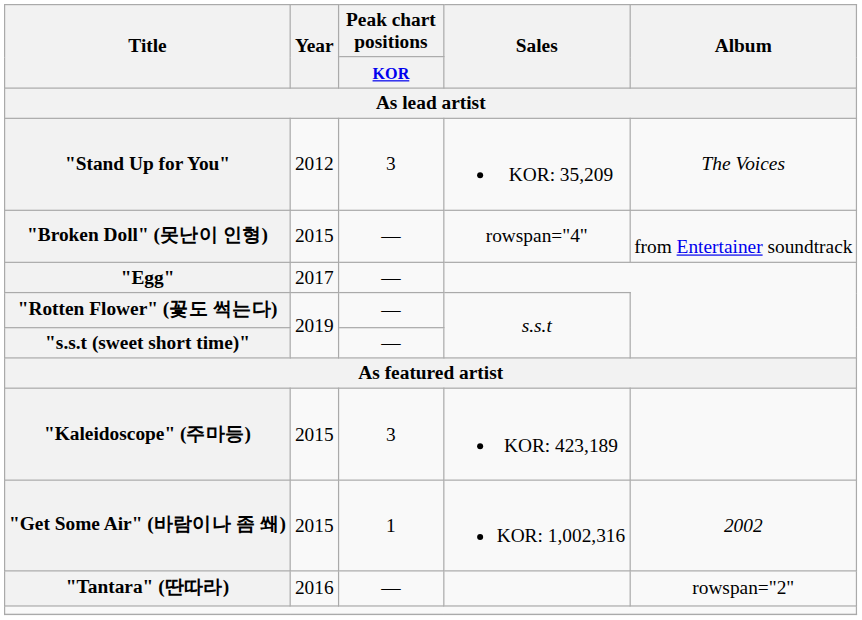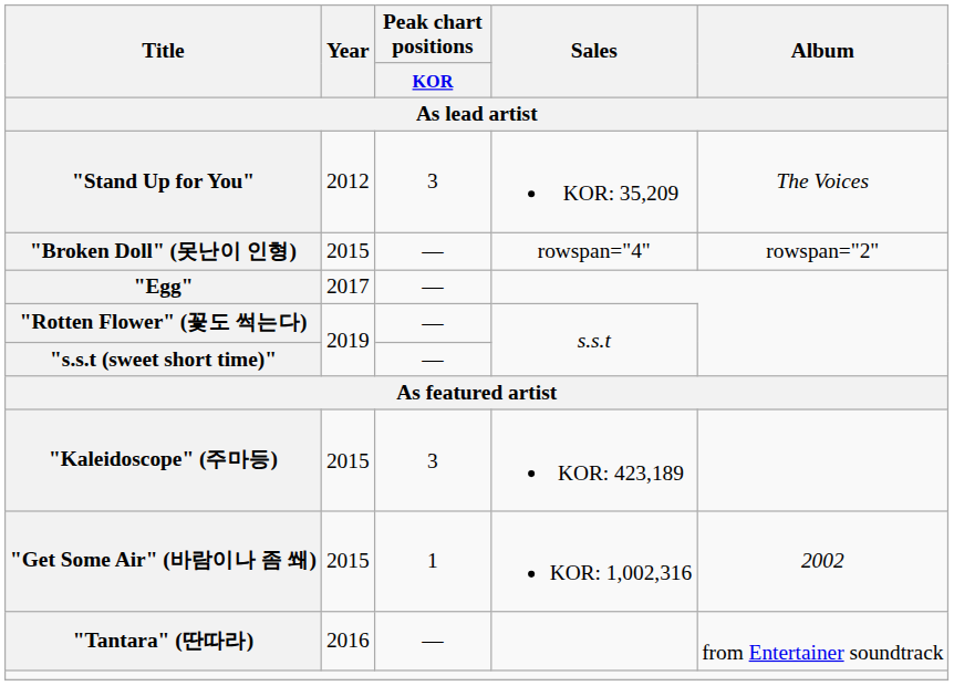 <table class="wikitable plainrowheaders" style="text-align:center;">
 <tr>
 <th scope="col" rowspan="2">Title</th>
 <th scope="col" rowspan="2">Year</th>
 <th scope="col" colspan="1" style="width:5em;">Peak chart positions</th>
 <th scope="col" rowspan="2">Sales</th>
 <th scope="col" rowspan="2">Album</th>
 </tr>
 <tr>
 <th><small><a href='#'>KOR</a></small><br></th>
 </tr>
 <tr>
 <th colspan="5">As lead artist</th>
 </tr>
 <tr>
 <th scope="row">"Stand Up for You"<br></th>
 <td>2012</td>
 <td>3</td>
 <td><br><ul><li>KOR: 35,209</li></ul></td>
 <td><em>The Voices</em></td>
 </tr>
 <tr>
 <th scope="row">"Broken Doll" (못난이 인형)</th>
 <td>2015</td>
 <td>—</td>
 <td>rowspan="4" </td>
-<td><br>from <a href='#'>Entertainer</a> soundtrack</td>
+<td>rowspan="2" </td>
 </tr>
 <tr>
 <th scope="row">"Egg"<br></th>
 <td>2017</td>
 <td>—</td>
 </tr>
 <tr>
 <th scope="row">"Rotten Flower" (꽃도 썩는다)</th>
 <td rowspan="2">2019</td>
 <td>—</td>
 <td rowspan="2"><em>s.s.t</em></td>
 </tr>
 <tr>
 <th scope="row">"s.s.t (sweet short time)"</th>
 <td>—</td>
 </tr>
 <tr>
 <th colspan="5">As featured artist</th>
 </tr>
 <tr>
 <th scope="row">"Kaleidoscope" (주마등)<br></th>
 <td>2015</td>
 <td>3</td>
 <td><br><ul><li>KOR: 423,189</li></ul></td>
 <td></td>
 </tr>
 <tr>
 <th scope="row">"Get Some Air" (바람이나 좀 쐐)<br></th>
 <td>2015</td>
 <td>1</td>
 <td><br><ul><li>KOR: 1,002,316</li></ul></td>
 <td><em>2002</em></td>
 </tr>
 <tr>
 <th scope="row">"Tantara" (딴따라)<br></th>
 <td>2016</td>
 <td>—</td>
 <td></td>
-<td>rowspan="2" </td>
+<td><br>from <a href='#'>Entertainer</a> soundtrack</td>
 </tr>
 <tr>
 <td colspan="5"></td>
 </tr>
 <tr>
 </tr>
 </table>
